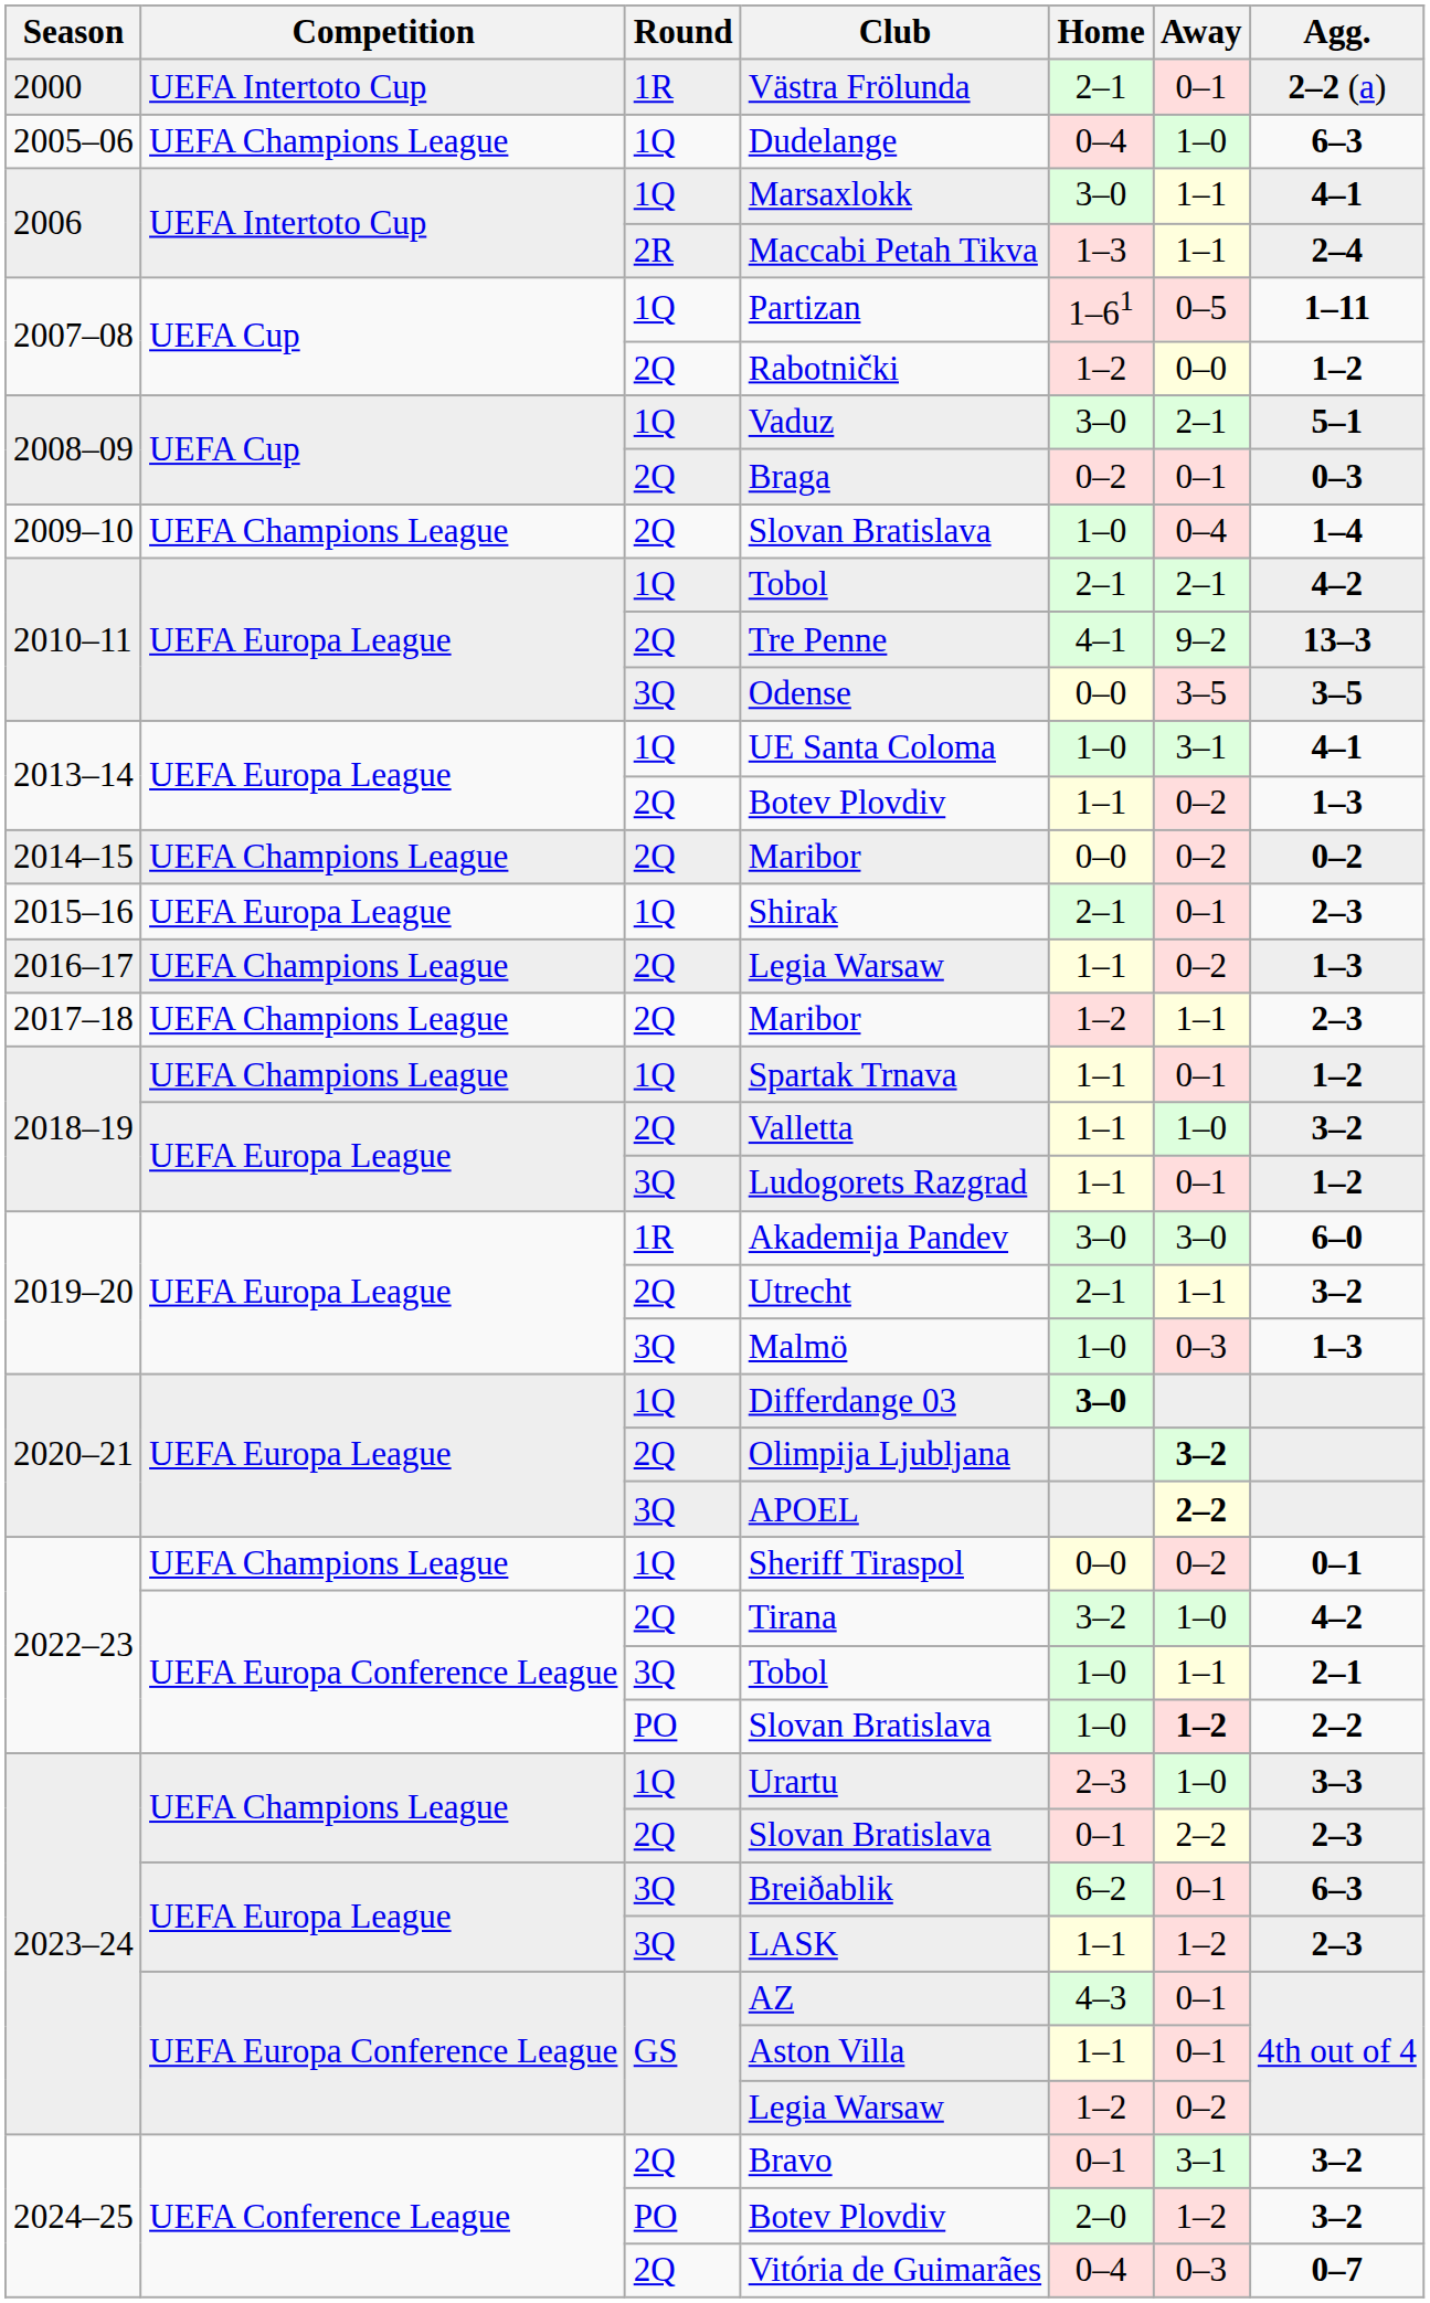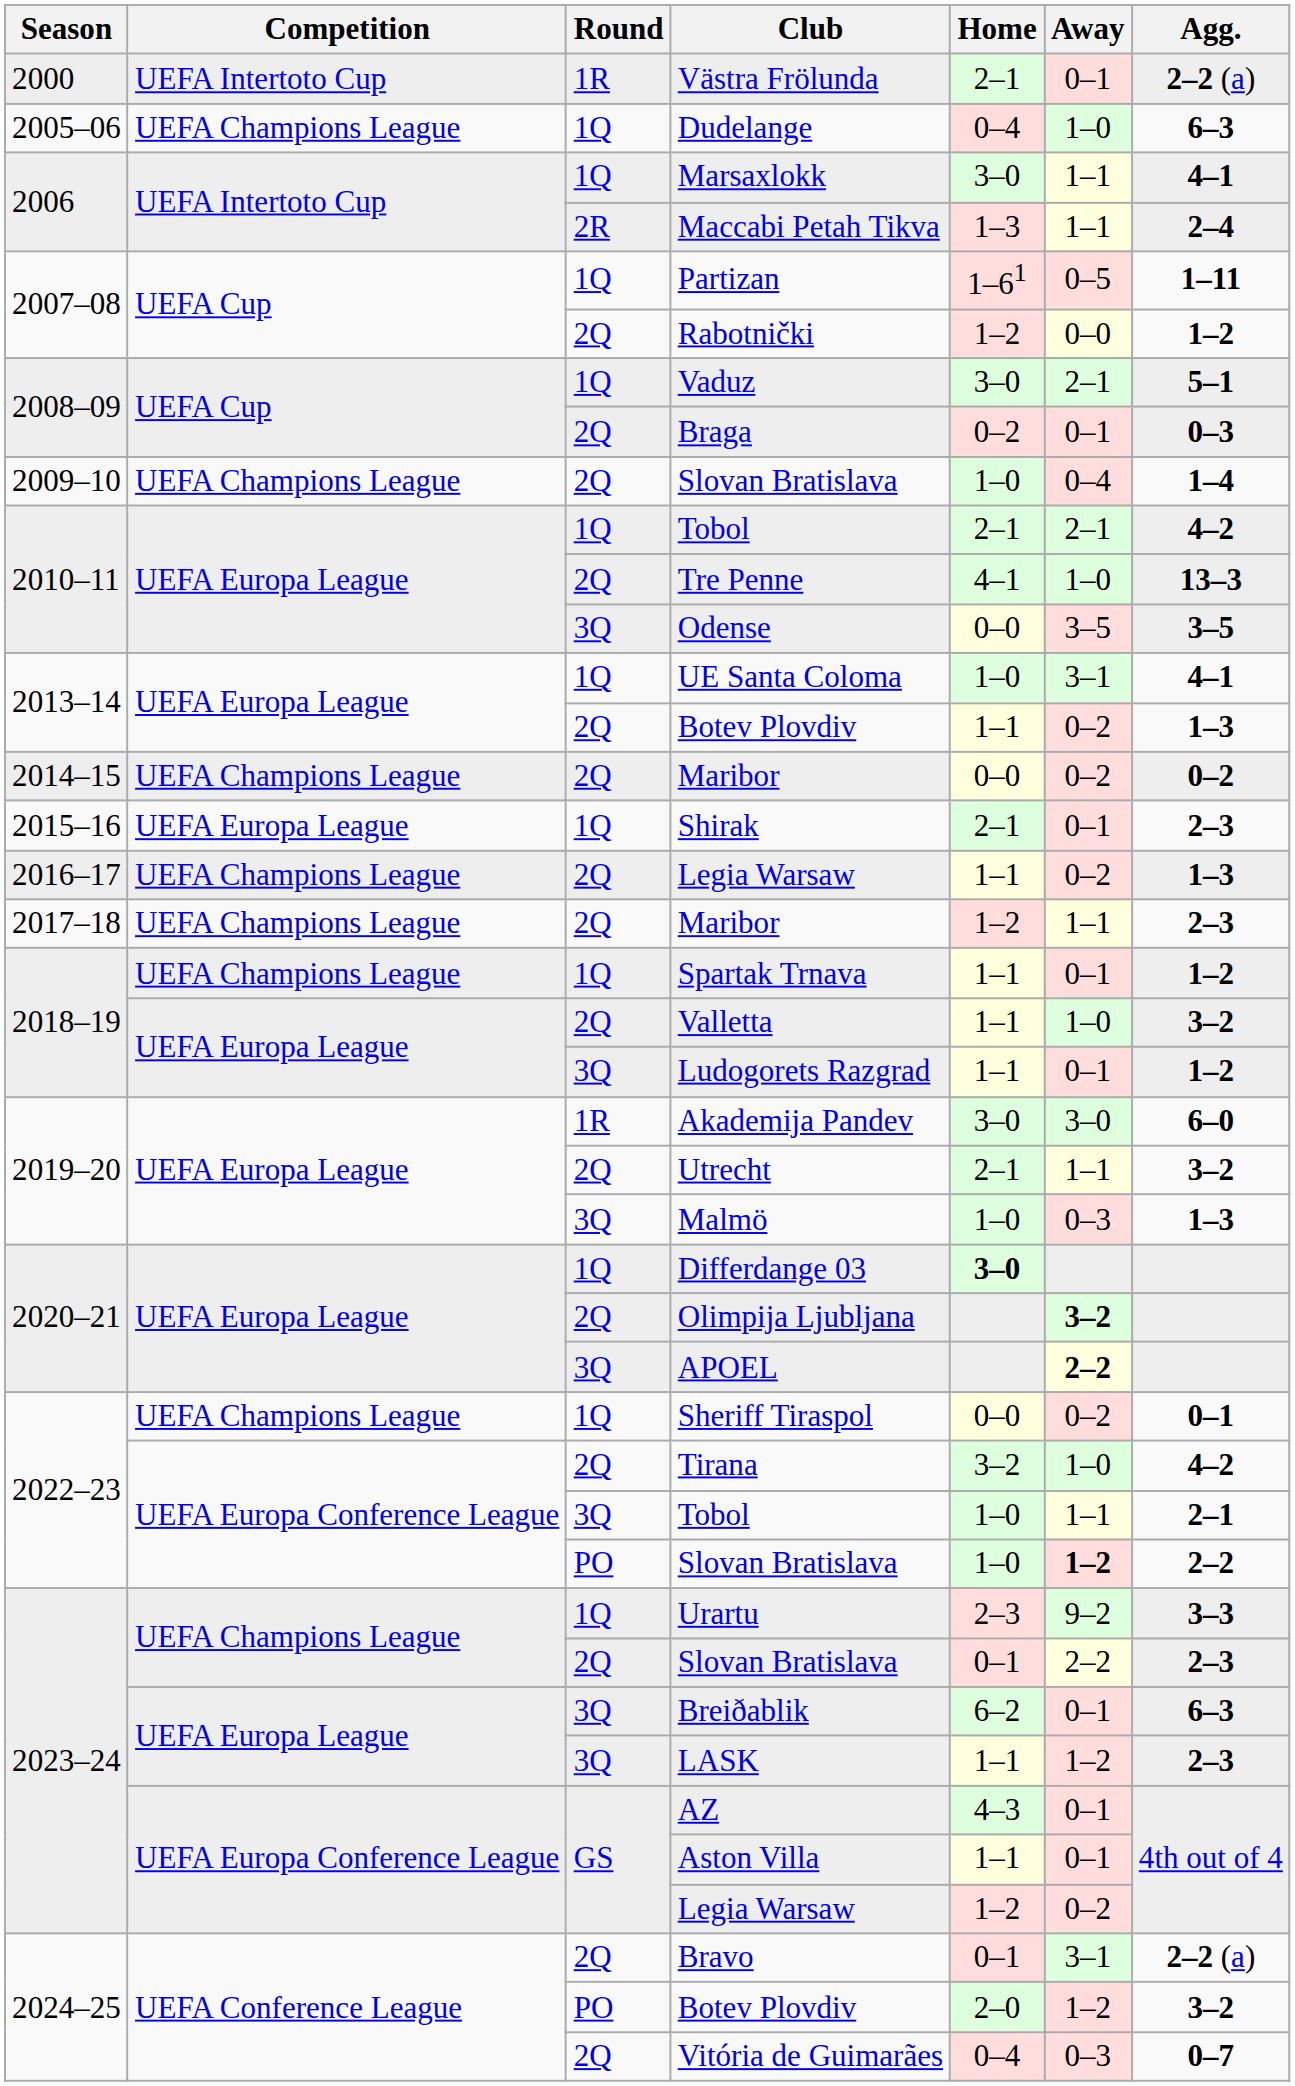 <table class="wikitable">
 <tr>
 <th>Season</th>
 <th>Competition</th>
 <th>Round</th>
 <th>Club</th>
 <th>Home</th>
 <th>Away</th>
 <th>Agg.</th>
 </tr>
 <tr bgcolor=#EEEEEE>
 <td>2000</td>
 <td><a href='#'>UEFA Intertoto Cup</a></td>
 <td><a href='#'>1R</a></td>
 <td align="left"> <a href='#'>Västra Frölunda</a></td>
 <td style="text-align:center; background:#dfd;">2–1</td>
 <td style="text-align:center; background:#fdd;">0–1</td>
 <td style="text-align:center;"><strong>2–2</strong> (<a href='#'>a</a>)</td>
 </tr>
 <tr>
 <td>2005–06</td>
 <td><a href='#'>UEFA Champions League</a></td>
 <td><a href='#'>1Q</a></td>
 <td align="left"> <a href='#'>Dudelange</a></td>
 <td style="text-align:center; background:#fdd;">0–4 </td>
 <td style="text-align:center; background:#dfd;">1–0</td>
 <td style="text-align:center;"><strong>6–3</strong></td>
 </tr>
 <tr bgcolor=#EEEEEE>
 <td rowspan="2">2006</td>
 <td rowspan="2"><a href='#'>UEFA Intertoto Cup</a></td>
 <td><a href='#'>1Q</a></td>
 <td align="left"> <a href='#'>Marsaxlokk</a></td>
 <td style="text-align:center; background:#dfd;">3–0</td>
 <td style="text-align:center; background:#ffd;">1–1</td>
 <td style="text-align:center;"><strong>4–1</strong></td>
 </tr>
 <tr bgcolor=#EEEEEE>
 <td><a href='#'>2R</a></td>
 <td align="left"> <a href='#'>Maccabi Petah Tikva</a></td>
 <td style="text-align:center; background:#fdd;">1–3</td>
 <td style="text-align:center; background:#ffd;">1–1</td>
 <td style="text-align:center;"><strong>2–4</strong></td>
 </tr>
 <tr>
 <td rowspan="2">2007–08</td>
 <td rowspan="2"><a href='#'>UEFA Cup</a></td>
 <td><a href='#'>1Q</a></td>
 <td align="left"> <a href='#'>Partizan</a></td>
 <td style="text-align:center; background:#fdd;">1–6<sup>1</sup></td>
 <td style="text-align:center; background:#fdd;">0–5</td>
 <td style="text-align:center;"><strong>1–11</strong></td>
 </tr>
 <tr>
 <td><a href='#'>2Q</a></td>
 <td align="left"> <a href='#'>Rabotnički</a></td>
 <td style="text-align:center; background:#fdd;">1–2</td>
 <td style="text-align:center; background:#ffd;">0–0</td>
 <td style="text-align:center;"><strong>1–2</strong></td>
 </tr>
 <tr bgcolor=#EEEEEE>
 <td rowspan="2">2008–09</td>
 <td rowspan="2"><a href='#'>UEFA Cup</a></td>
 <td><a href='#'>1Q</a></td>
 <td align="left"> <a href='#'>Vaduz</a></td>
 <td style="text-align:center; background:#dfd;">3–0</td>
 <td style="text-align:center; background:#dfd;">2–1</td>
 <td style="text-align:center;"><strong>5–1</strong></td>
 </tr>
 <tr bgcolor=#EEEEEE>
 <td><a href='#'>2Q</a></td>
 <td align="left"> <a href='#'>Braga</a></td>
 <td style="text-align:center; background:#fdd;">0–2</td>
 <td style="text-align:center; background:#fdd;">0–1</td>
 <td style="text-align:center;"><strong>0–3</strong></td>
 </tr>
 <tr>
 <td>2009–10</td>
 <td><a href='#'>UEFA Champions League</a></td>
 <td><a href='#'>2Q</a></td>
 <td align="left"> <a href='#'>Slovan Bratislava</a></td>
 <td style="text-align:center; background:#dfd;">1–0</td>
 <td style="text-align:center; background:#fdd;">0–4</td>
 <td style="text-align:center;"><strong>1–4</strong></td>
 </tr>
 <tr bgcolor=#EEEEEE>
 <td rowspan="3">2010–11</td>
 <td rowspan="3"><a href='#'>UEFA Europa League</a></td>
 <td><a href='#'>1Q</a></td>
 <td align="left"> <a href='#'>Tobol</a></td>
 <td style="text-align:center; background:#dfd;">2–1</td>
 <td style="text-align:center; background:#dfd;">2–1</td>
 <td style="text-align:center;"><strong>4–2</strong></td>
 </tr>
 <tr bgcolor=#EEEEEE>
 <td><a href='#'>2Q</a></td>
 <td align="left"> <a href='#'>Tre Penne</a></td>
 <td style="text-align:center; background:#dfd;">4–1</td>
-<td style="text-align:center; background:#dfd;">9–2</td>
+<td style="text-align:center; background:#dfd;">1–0</td>
 <td style="text-align:center;"><strong>13–3</strong></td>
 </tr>
 <tr bgcolor=#EEEEEE>
 <td><a href='#'>3Q</a></td>
 <td align="left"> <a href='#'>Odense</a></td>
 <td style="text-align:center; background:#ffd;">0–0</td>
 <td style="text-align:center; background:#fdd;">3–5</td>
 <td style="text-align:center;"><strong>3–5</strong></td>
 </tr>
 <tr>
 <td rowspan="2">2013–14</td>
 <td rowspan="2"><a href='#'>UEFA Europa League</a></td>
 <td><a href='#'>1Q</a></td>
 <td> <a href='#'>UE Santa Coloma</a></td>
 <td style="text-align:center; background:#dfd;">1–0</td>
 <td style="text-align:center; background:#dfd;">3–1</td>
 <td style="text-align:center;"><strong>4–1</strong></td>
 </tr>
 <tr>
 <td><a href='#'>2Q</a></td>
 <td> <a href='#'>Botev Plovdiv</a></td>
 <td style="text-align:center; background:#ffd;">1–1</td>
 <td style="text-align:center; background:#fdd;">0–2</td>
 <td style="text-align:center;"><strong>1–3</strong></td>
 </tr>
 <tr bgcolor=#EEEEEE>
 <td>2014–15</td>
 <td><a href='#'>UEFA Champions League</a></td>
 <td><a href='#'>2Q</a></td>
 <td> <a href='#'>Maribor</a></td>
 <td style="text-align:center; background:#ffd;">0–0</td>
 <td style="text-align:center; background:#fdd;">0–2</td>
 <td style="text-align:center;"><strong>0–2</strong></td>
 </tr>
 <tr>
 <td>2015–16</td>
 <td><a href='#'>UEFA Europa League</a></td>
 <td><a href='#'>1Q</a></td>
 <td> <a href='#'>Shirak</a></td>
 <td style="text-align:center; background:#dfd;">2–1</td>
 <td style="text-align:center; background:#fdd;">0–1</td>
 <td style="text-align:center;"><strong>2–3</strong></td>
 </tr>
 <tr bgcolor=#EEEEEE>
 <td>2016–17</td>
 <td><a href='#'>UEFA Champions League</a></td>
 <td><a href='#'>2Q</a></td>
 <td> <a href='#'>Legia Warsaw</a></td>
 <td style="text-align:center; background:#ffd;">1–1</td>
 <td style="text-align:center; background:#fdd;">0–2</td>
 <td style="text-align:center;"><strong>1–3</strong></td>
 </tr>
 <tr>
 <td>2017–18</td>
 <td><a href='#'>UEFA Champions League</a></td>
 <td><a href='#'>2Q</a></td>
 <td> <a href='#'>Maribor</a></td>
 <td style="text-align:center; background:#fdd;">1–2</td>
 <td style="text-align:center; background:#ffd;">1–1</td>
 <td style="text-align:center;"><strong>2–3</strong></td>
 </tr>
 <tr bgcolor=#EEEEEE>
 <td rowspan="3">2018–19</td>
 <td><a href='#'>UEFA Champions League</a></td>
 <td><a href='#'>1Q</a></td>
 <td> <a href='#'>Spartak Trnava</a></td>
 <td style="text-align:center; background:#ffd;">1–1</td>
 <td style="text-align:center; background:#fdd;">0–1</td>
 <td style="text-align:center;"><strong>1–2</strong></td>
 </tr>
 <tr bgcolor=#EEEEEE>
 <td rowspan="2"><a href='#'>UEFA Europa League</a></td>
 <td><a href='#'>2Q</a></td>
 <td> <a href='#'>Valletta</a></td>
 <td style="text-align:center; background:#ffd;">1–1</td>
 <td style="text-align:center; background:#dfd;">1–0</td>
 <td style="text-align:center;"><strong>3–2</strong></td>
 </tr>
 <tr bgcolor=#EEEEEE>
 <td><a href='#'>3Q</a></td>
 <td> <a href='#'>Ludogorets Razgrad</a></td>
 <td style="text-align:center; background:#ffd;">1–1</td>
 <td style="text-align:center; background:#fdd;">0–1</td>
 <td style="text-align:center;"><strong>1–2</strong></td>
 </tr>
 <tr>
 <td rowspan="3">2019–20</td>
 <td rowspan="3"><a href='#'>UEFA Europa League</a></td>
 <td><a href='#'>1R</a></td>
 <td> <a href='#'>Akademija Pandev</a></td>
 <td style="text-align:center; background:#dfd;">3–0</td>
 <td style="text-align:center; background:#dfd;">3–0</td>
 <td style="text-align:center;"><strong>6–0</strong></td>
 </tr>
 <tr>
 <td><a href='#'>2Q</a></td>
 <td> <a href='#'>Utrecht</a></td>
 <td style="text-align:center; background:#dfd;">2–1</td>
 <td style="text-align:center; background:#ffd;">1–1</td>
 <td style="text-align:center;"><strong>3–2</strong></td>
 </tr>
 <tr>
 <td><a href='#'>3Q</a></td>
 <td> <a href='#'>Malmö</a></td>
 <td style="text-align:center; background:#dfd;">1–0</td>
 <td style="text-align:center; background:#fdd;">0–3</td>
 <td style="text-align:center;"><strong>1–3</strong></td>
 </tr>
 <tr bgcolor=#EEEEEE>
 <td rowspan="3">2020–21</td>
 <td rowspan="3"><a href='#'>UEFA Europa League</a></td>
 <td><a href='#'>1Q</a></td>
 <td> <a href='#'>Differdange 03</a></td>
 <td style="text-align:center; background:#dfd;"><strong>3–0</strong></td>
 <td></td>
 <td></td>
 </tr>
 <tr bgcolor=#EEEEEE>
 <td><a href='#'>2Q</a></td>
 <td> <a href='#'>Olimpija Ljubljana</a></td>
 <td></td>
 <td style="text-align:center; background:#dfd;"><strong>3–2</strong> </td>
 <td></td>
 </tr>
 <tr bgcolor=#EEEEEE>
 <td><a href='#'>3Q</a></td>
 <td> <a href='#'>APOEL</a></td>
 <td></td>
 <td style="text-align:center; background:#ffd;"><strong>2–2</strong> </td>
 <td></td>
 </tr>
 <tr>
 <td rowspan="4">2022–23</td>
 <td><a href='#'>UEFA Champions League</a></td>
 <td><a href='#'>1Q</a></td>
 <td> <a href='#'>Sheriff Tiraspol</a></td>
 <td style="text-align:center; background:#ffd;">0–0</td>
 <td style="text-align:center; background:#fdd;">0–2</td>
 <td style="text-align:center;"><strong>0–1</strong></td>
 </tr>
 <tr>
 <td rowspan="3"><a href='#'>UEFA Europa Conference League</a></td>
 <td><a href='#'>2Q</a></td>
 <td> <a href='#'>Tirana</a></td>
 <td style="text-align:center; background:#dfd;">3–2</td>
 <td style="text-align:center; background:#dfd;">1–0</td>
 <td style="text-align:center;"><strong>4–2</strong></td>
 </tr>
 <tr>
 <td><a href='#'>3Q</a></td>
 <td> <a href='#'>Tobol</a></td>
 <td style="text-align:center; background:#dfd;">1–0</td>
 <td style="text-align:center; background:#ffd;">1–1</td>
 <td style="text-align:center;"><strong>2–1</strong></td>
 </tr>
 <tr>
 <td><a href='#'>PO</a></td>
 <td> <a href='#'>Slovan Bratislava</a></td>
 <td style="text-align:center; background:#dfd;">1–0</td>
 <td style="text-align:center; background:#fdd;"><strong>1–2 </strong></td>
 <td style="text-align:center;"><strong>2–2</strong> </td>
 </tr>
 <tr bgcolor=#EEEEEE>
 <td rowspan="7">2023–24</td>
 <td rowspan="2"><a href='#'>UEFA Champions League</a></td>
 <td><a href='#'>1Q</a></td>
 <td> <a href='#'>Urartu</a></td>
 <td style="text-align:center; background:#fdd;">2–3 </td>
-<td style="text-align:center; background:#dfd;">1–0</td>
+<td style="text-align:center; background:#dfd;">9–2</td>
 <td style="text-align:center;"><strong>3–3</strong> </td>
 </tr>
 <tr bgcolor=#EEEEEE>
 <td><a href='#'>2Q</a></td>
 <td> <a href='#'>Slovan Bratislava</a></td>
 <td style="text-align:center; background:#fdd;">0–1</td>
 <td style="text-align:center; background:#ffd;">2–2</td>
 <td style="text-align:center;"><strong>2–3</strong></td>
 </tr>
 <tr bgcolor=#EEEEEE>
 <td rowspan="2"><a href='#'>UEFA Europa League</a></td>
 <td><a href='#'>3Q</a></td>
 <td> <a href='#'>Breiðablik</a></td>
 <td style="text-align:center; background:#dfd;">6–2</td>
 <td style="text-align:center; background:#fdd;">0–1</td>
 <td style="text-align:center;"><strong>6–3</strong></td>
 </tr>
 <tr bgcolor=#EEEEEE>
 <td><a href='#'>3Q</a></td>
 <td> <a href='#'>LASK</a></td>
 <td style="text-align:center; background:#ffd;">1–1</td>
 <td style="text-align:center; background:#fdd;">1–2</td>
 <td style="text-align:center;"><strong>2–3</strong></td>
 </tr>
 <tr bgcolor=#EEEEEE>
 <td rowspan="3"><a href='#'>UEFA Europa Conference League</a></td>
 <td rowspan="3"><a href='#'>GS</a></td>
 <td align="left"> <a href='#'>AZ</a></td>
 <td style="text-align:center; background:#dfd;">4–3</td>
 <td style="text-align:center; background:#fdd;">0–1</td>
 <td rowspan="3" style="text-align:center;"><a href='#'>4th out of 4</a></td>
 </tr>
 <tr bgcolor=#EEEEEE>
 <td align="left"> <a href='#'>Aston Villa</a></td>
 <td style="text-align:center; background:#ffd;">1–1</td>
 <td style="text-align:center; background:#fdd;">0–1</td>
 </tr>
 <tr bgcolor=#EEEEEE>
 <td align="left"> <a href='#'>Legia Warsaw</a></td>
 <td style="text-align:center; background:#fdd;">1–2</td>
 <td style="text-align:center; background:#fdd;">0–2</td>
 </tr>
 <tr>
 <td rowspan="3">2024–25</td>
 <td rowspan="3"><a href='#'>UEFA Conference League</a></td>
 <td><a href='#'>2Q</a></td>
 <td align="left"> <a href='#'>Bravo</a></td>
 <td style="text-align:center; background:#fdd;">0–1</td>
 <td style="text-align:center; background:#dfd;">3–1</td>
-<td style="text-align:center;"><strong>3–2</strong></td>
+<td style="text-align:center;"><strong>2–2</strong> (<a href='#'>a</a>)</td>
 </tr>
 <tr>
 <td><a href='#'>PO</a></td>
 <td align="left"> <a href='#'>Botev Plovdiv</a></td>
 <td style="text-align:center; background:#dfd;">2–0</td>
 <td style="text-align:center; background:#fdd;">1–2</td>
 <td style="text-align:center;"><strong>3–2</strong></td>
 </tr>
 <tr>
 <td><a href='#'>2Q</a></td>
 <td align="left"> <a href='#'>Vitória de Guimarães</a></td>
 <td style="text-align:center; background:#fdd;">0–4</td>
 <td style="text-align:center; background:#fdd;">0–3</td>
 <td style="text-align:center;"><strong>0–7</strong></td>
 </tr>
 </table>
